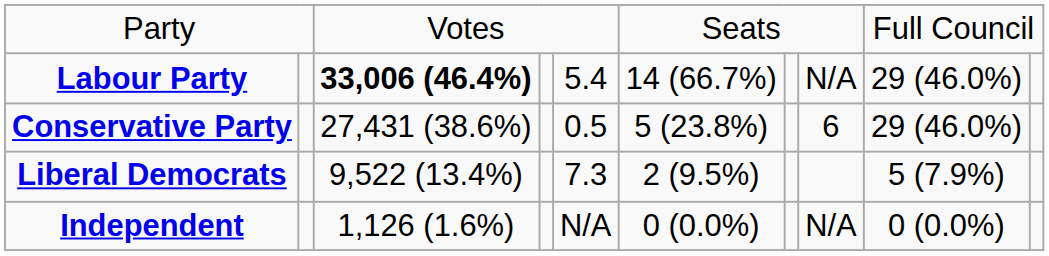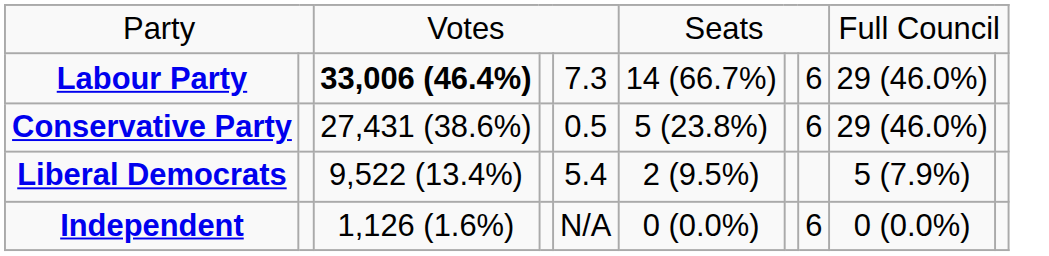 <table class=wikitable style="text-align:center;">
 <tr>
 <td colspan=2>Party</td>
 <td colspan=3>Votes</td>
 <td colspan=3>Seats</td>
 <td colspan=3>Full Council</td>
 </tr>
 <tr>
 <td><strong><a href='#'>Labour Party</a></strong></td>
 <td style="background:"></td>
 <td><strong>33,006 (46.4%)</strong></td>
 <td></td>
-<td> 5.4</td>
+<td> 7.3</td>
 <td>14 (66.7%)</td>
 <td></td>
-<td>N/A</td>
+<td> 6</td>
 <td>29 (46.0%)</td>
 <td></td>
 </tr>
 <tr>
 <td><strong><a href='#'>Conservative Party</a></strong></td>
 <td style="background:"></td>
 <td>27,431 (38.6%)</td>
 <td></td>
 <td> 0.5</td>
 <td>5 (23.8%)</td>
 <td></td>
 <td> 6</td>
 <td>29 (46.0%)</td>
 <td></td>
 </tr>
 <tr>
 <td><strong><a href='#'>Liberal Democrats</a></strong></td>
 <td style="background:"></td>
 <td>9,522 (13.4%)</td>
 <td></td>
-<td> 7.3</td>
+<td> 5.4</td>
 <td>2 (9.5%)</td>
 <td></td>
 <td></td>
 <td>5 (7.9%)</td>
 <td></td>
 </tr>
 <tr>
 <td><strong><a href='#'>Independent</a></strong></td>
 <td style="background:"></td>
 <td>1,126 (1.6%)</td>
 <td></td>
 <td>N/A</td>
 <td>0 (0.0%)</td>
 <td></td>
-<td>N/A</td>
+<td> 6</td>
 <td>0 (0.0%)</td>
 <td></td>
 </tr>
 </table>
